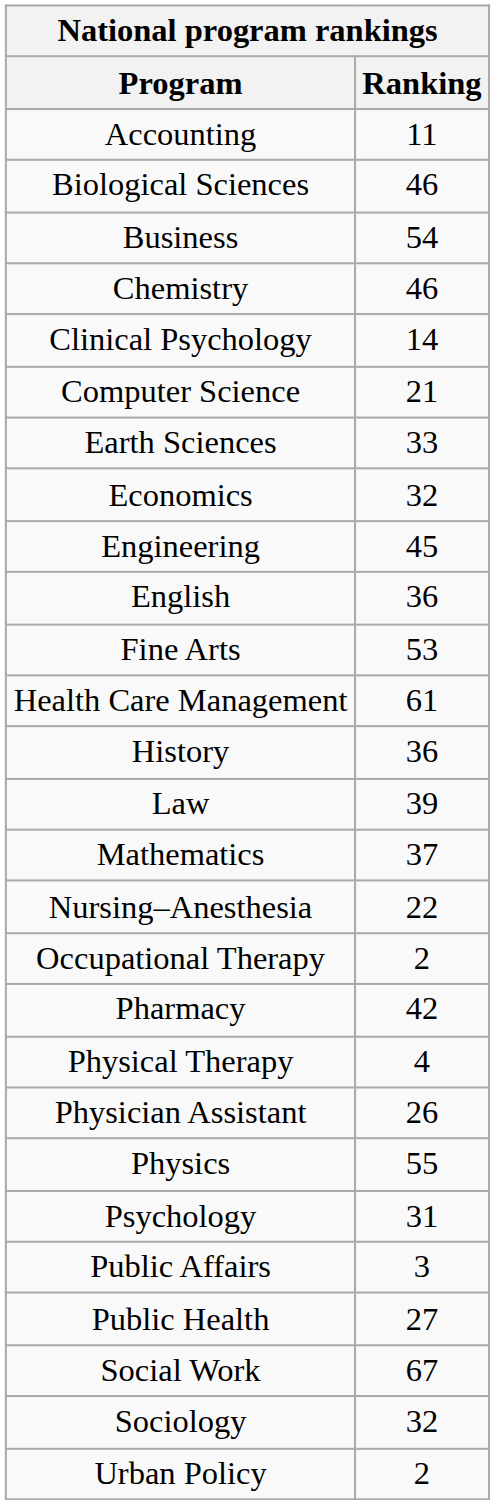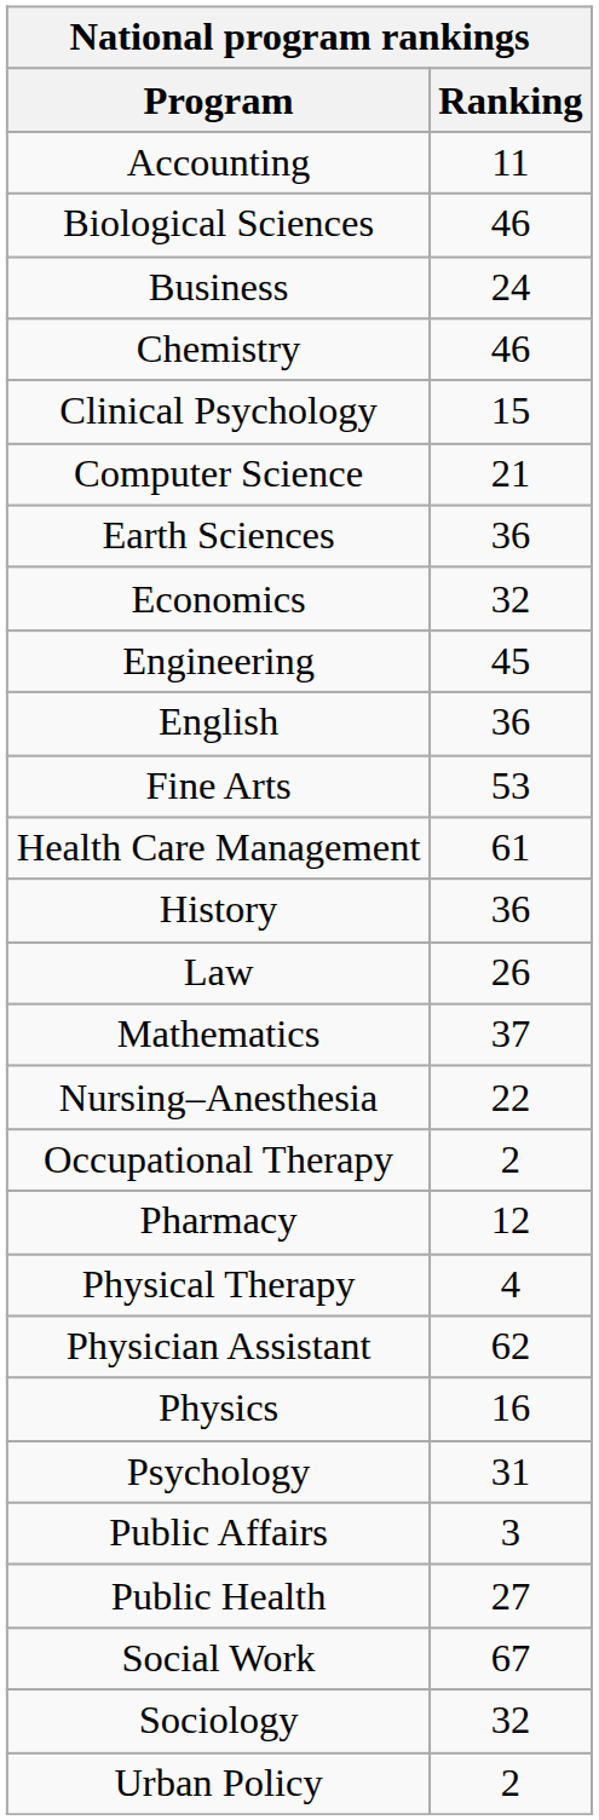 <table class="wikitable sortable collapsible collapsed" style="float:right; text-align:center">
 <tr>
 <th colspan=4>National program rankings</th>
 </tr>
 <tr>
 <th>Program</th>
 <th>Ranking</th>
 </tr>
 <tr>
 <td>Accounting</td>
 <td>11</td>
 </tr>
 <tr>
 <td>Biological Sciences</td>
 <td>46</td>
 </tr>
 <tr>
 <td>Business</td>
-<td>54</td>
+<td>24</td>
 </tr>
 <tr>
 <td>Chemistry</td>
 <td>46</td>
 </tr>
 <tr>
 <td>Clinical Psychology</td>
-<td>14</td>
+<td>15</td>
 </tr>
 <tr>
 <td>Computer Science</td>
 <td>21</td>
 </tr>
 <tr>
 <td>Earth Sciences</td>
-<td>33</td>
+<td>36</td>
 </tr>
 <tr>
 <td>Economics</td>
 <td>32</td>
 </tr>
 <tr>
 <td>Engineering</td>
 <td>45</td>
 </tr>
 <tr>
 <td>English</td>
 <td>36</td>
 </tr>
 <tr>
 <td>Fine Arts</td>
 <td>53</td>
 </tr>
 <tr>
 <td>Health Care Management</td>
 <td>61</td>
 </tr>
 <tr>
 <td>History</td>
 <td>36</td>
 </tr>
 <tr>
 <td>Law</td>
-<td>39</td>
+<td>26</td>
 </tr>
 <tr>
 <td>Mathematics</td>
 <td>37</td>
 </tr>
 <tr>
 <td>Nursing–Anesthesia</td>
 <td>22</td>
 </tr>
 <tr>
 <td>Occupational Therapy</td>
 <td>2</td>
 </tr>
 <tr>
 <td>Pharmacy</td>
-<td>42</td>
+<td>12</td>
 </tr>
 <tr>
 <td>Physical Therapy</td>
 <td>4</td>
 </tr>
 <tr>
 <td>Physician Assistant</td>
-<td>26</td>
+<td>62</td>
 </tr>
 <tr>
 <td>Physics</td>
-<td>55</td>
+<td>16</td>
 </tr>
 <tr>
 <td>Psychology</td>
 <td>31</td>
 </tr>
 <tr>
 <td>Public Affairs</td>
 <td>3</td>
 </tr>
 <tr>
 <td>Public Health</td>
 <td>27</td>
 </tr>
 <tr>
 <td>Social Work</td>
 <td>67</td>
 </tr>
 <tr>
 <td>Sociology</td>
 <td>32</td>
 </tr>
 <tr>
 <td>Urban Policy</td>
 <td>2</td>
 </tr>
 <tr>
 </tr>
 </table>
